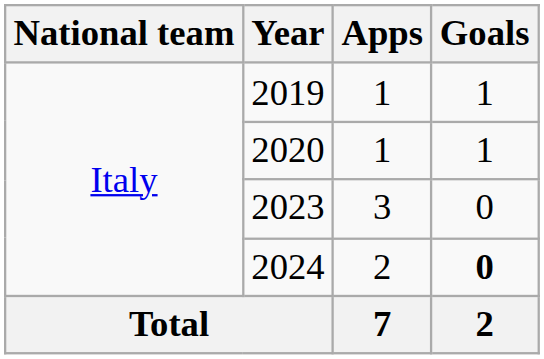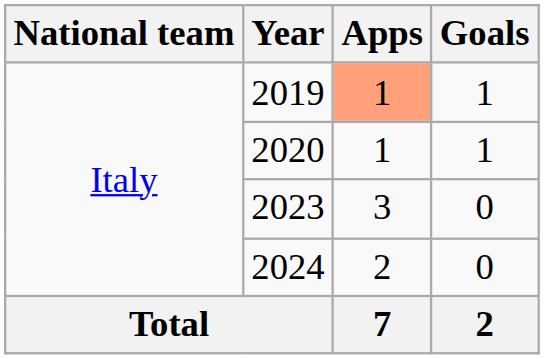 <table class="wikitable" style="text-align:center">
 <tr>
 <th>National team</th>
 <th>Year</th>
 <th>Apps</th>
 <th>Goals</th>
 </tr>
 <tr>
 <td rowspan="4"><a href='#'>Italy</a></td>
 <td>2019</td>
-<td>1</td>
+<td style="background: lightsalmon;">1</td>
 <td>1</td>
 </tr>
 <tr>
 <td>2020</td>
 <td>1</td>
 <td>1</td>
 </tr>
 <tr>
 <td>2023</td>
 <td>3</td>
 <td>0</td>
 </tr>
 <tr>
 <td>2024</td>
 <td>2</td>
-<td><strong>0</strong></td>
+<td>0</td>
 </tr>
 <tr>
 <th colspan="2">Total</th>
 <th>7</th>
 <th>2</th>
 </tr>
 </table>
